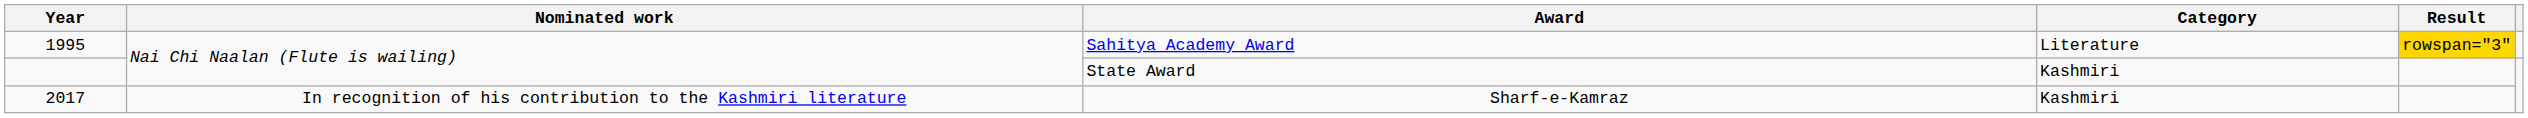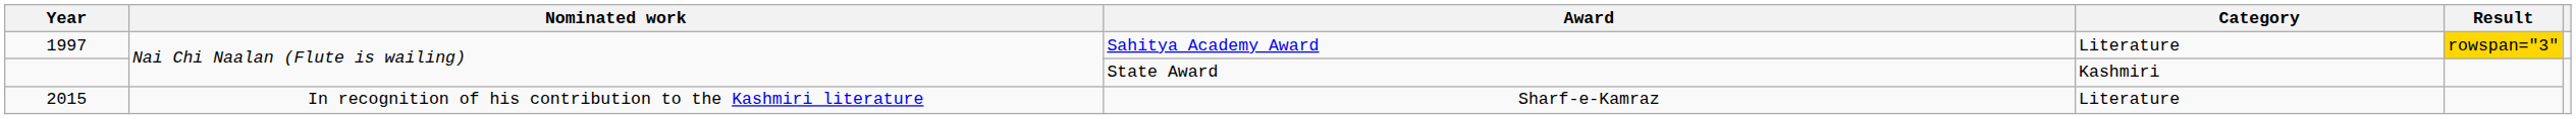 <table class="wikitable sortable" width=100%>
 <tr>
 <th width=5%>Year</th>
 <th style="width:40%;">Nominated work</th>
 <th style="width:40%;">Award</th>
 <th style="width:40%;">Category</th>
 <th style="width:10%;">Result</th>
 <th width=5%></th>
 </tr>
 <tr>
-<td style="text-align:center;">1995</td>
+<td style="text-align:center;">1997</td>
 <td rowspan="2"><em>Nai Chi Naalan (Flute is wailing)</em></td>
 <td><a href='#'>Sahitya Academy Award</a></td>
 <td style="text-align:left;">Literature</td>
 <td style="background: gold;">rowspan="3"</td>
 <td style="text-align:center;"></td>
 </tr>
 <tr>
 <td></td>
 <td>State Award</td>
 <td style="text-align:left;">Kashmiri</td>
 <td style="text-align:center;"></td>
 </tr>
 <tr>
-<td style="text-align:center;">2017</td>
+<td style="text-align:center;">2015</td>
 <td style="text-align:center;">In recognition of his contribution to the <a href='#'>Kashmiri literature</a></td>
 <td style="text-align:center;">Sharf-e-Kamraz</td>
-<td style="text-align:left;">Kashmiri</td>
+<td style="text-align:left;">Literature</td>
 <td style="text-align:center;"></td>
 </tr>
 </table>
